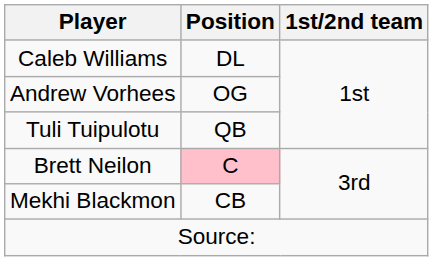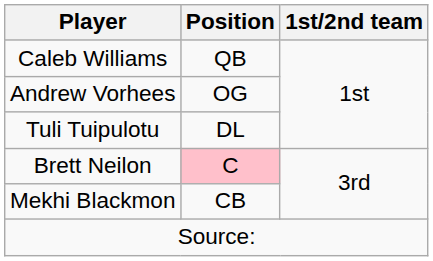 <table class="wikitable" style="text-align: center">
 <tr align=center>
 <th>Player</th>
 <th>Position</th>
 <th>1st/2nd team</th>
 </tr>
 <tr>
 <td>Caleb Williams</td>
-<td>DL</td>
+<td>QB</td>
 <td rowspan="3">1st</td>
 </tr>
 <tr>
 <td>Andrew Vorhees</td>
 <td>OG</td>
 </tr>
 <tr>
 <td>Tuli Tuipulotu</td>
-<td>QB</td>
+<td>DL</td>
 </tr>
 <tr>
 <td>Brett Neilon</td>
 <td style="background: pink;">C</td>
 <td rowspan="2">3rd</td>
 </tr>
 <tr>
 <td>Mekhi Blackmon</td>
 <td>CB</td>
 </tr>
 <tr>
 <td colspan="3">Source:</td>
 </tr>
 </table>
